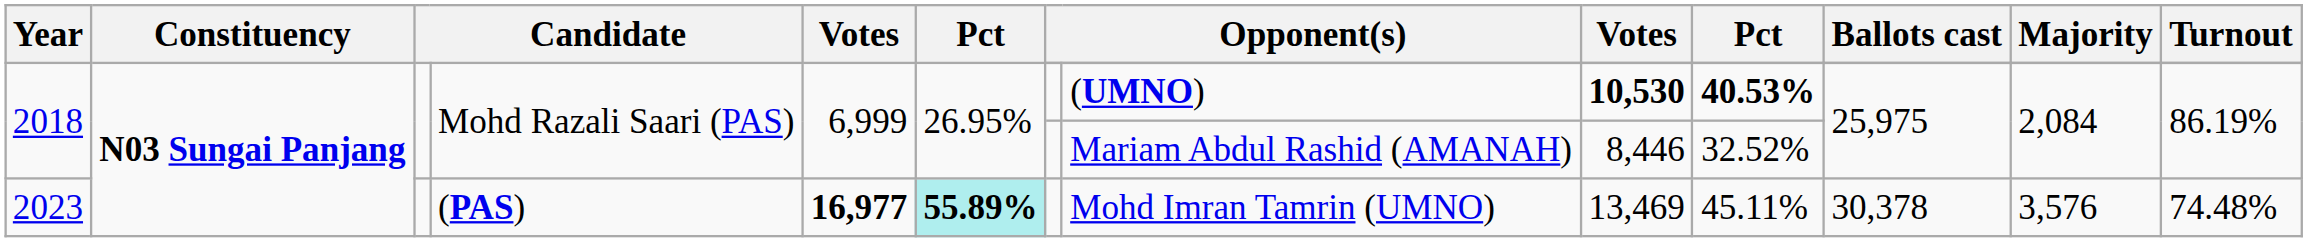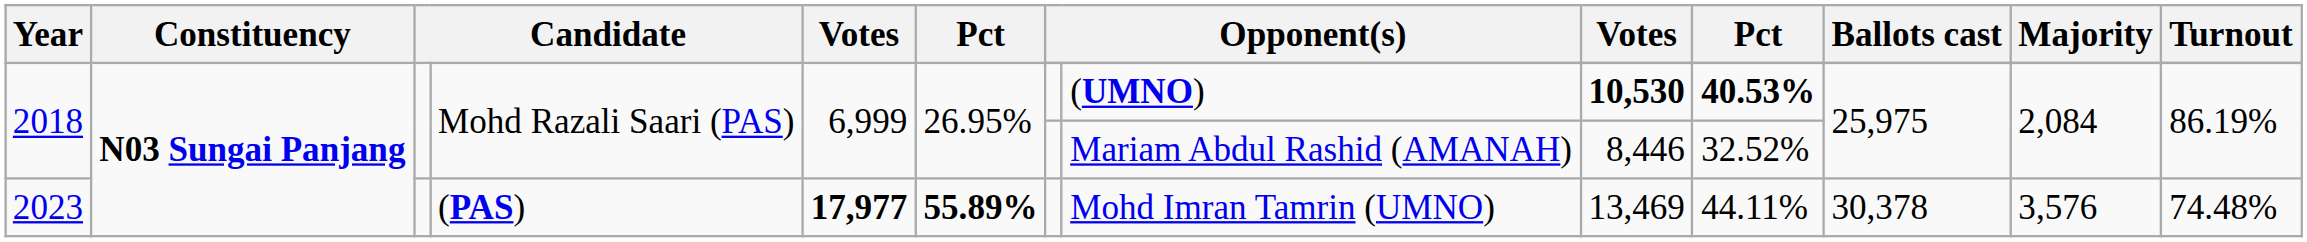 <table class="wikitable" style="margin:0.5em ; font-size:95%">
 <tr>
 <th>Year</th>
 <th>Constituency</th>
 <th colspan="2">Candidate</th>
 <th>Votes</th>
 <th>Pct</th>
 <th colspan="2">Opponent(s)</th>
 <th>Votes</th>
 <th>Pct</th>
 <th>Ballots cast</th>
 <th>Majority</th>
 <th>Turnout</th>
 </tr>
 <tr>
 <td rowspan="3"><a href='#'>2018</a></td>
 <td rowspan="4"><strong>N03 <a href='#'>Sungai Panjang</a></strong></td>
 <td rowspan="3" ></td>
 <td rowspan="3">Mohd Razali Saari (<a href='#'>PAS</a>)</td>
 <td rowspan="3" align=right>6,999</td>
 <td rowspan="3">26.95%</td>
 </tr>
 <tr>
 <td></td>
 <td> (<a href='#'><strong>UMNO</strong></a>)</td>
 <td align=right><strong>10,530</strong></td>
 <td><strong>40.53%</strong></td>
 <td rowspan="2">25,975</td>
 <td rowspan="2">2,084</td>
 <td rowspan="2">86.19%</td>
 </tr>
 <tr>
 <td></td>
 <td><a href='#'>Mariam Abdul Rashid</a> (<a href='#'>AMANAH</a>)</td>
 <td align=right>8,446</td>
 <td>32.52%</td>
 </tr>
 <tr>
 <td><a href='#'>2023</a></td>
 <td></td>
 <td> (<a href='#'><strong>PAS</strong></a>)</td>
-<td align=right><strong>16,977</strong></td>
-<td style="background: paleturquoise;"><strong>55.89%</strong></td>
+<td align=right><strong>17,977</strong></td>
+<td><strong>55.89%</strong></td>
 <td></td>
 <td><a href='#'>Mohd Imran Tamrin</a> (<a href='#'>UMNO</a>)</td>
 <td align=right>13,469</td>
-<td>45.11%</td>
+<td>44.11%</td>
 <td>30,378</td>
 <td>3,576</td>
 <td>74.48%</td>
 </tr>
 </table>
